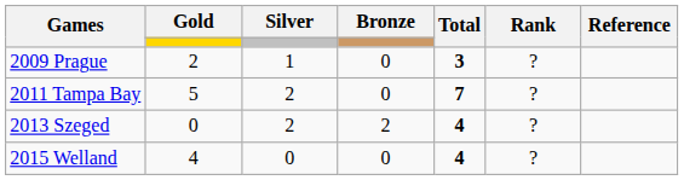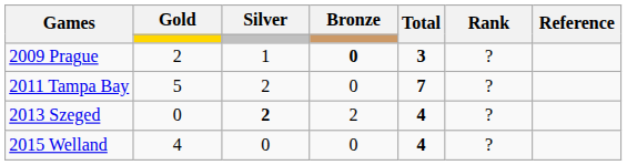 <table class="wikitable" style="text-align:center; font-size:90%;">
 <tr>
 <th rowspan=2>Games</th>
 <th style="width:4.5em;">Gold</th>
 <th style="width:4.5em;">Silver</th>
 <th style="width:4.5em;">Bronze</th>
 <th rowspan=2 !style="width:4.5em;">Total</th>
 <th rowspan=2 style="width:4.5em;">Rank</th>
 <th rowspan=2 style="width:4.5em;">Reference</th>
 </tr>
 <tr>
 <td style="background:gold;"></td>
 <td style="background:silver;"></td>
 <td style="background:#cc9966;"></td>
 </tr>
 <tr>
 <td align=left> <a href='#'>2009 Prague</a></td>
 <td>2</td>
 <td>1</td>
-<td>0</td>
+<td><strong>0</strong></td>
 <td><strong>3</strong></td>
 <td>?</td>
 <td></td>
 </tr>
 <tr>
 <td align=left> <a href='#'>2011 Tampa Bay</a></td>
 <td>5</td>
 <td>2</td>
 <td>0</td>
 <td><strong>7</strong></td>
 <td>?</td>
 <td></td>
 </tr>
 <tr>
 <td align=left> <a href='#'>2013 Szeged</a></td>
 <td>0</td>
-<td>2</td>
+<td><strong>2</strong></td>
 <td>2</td>
 <td><strong>4</strong></td>
 <td>?</td>
 <td></td>
 </tr>
 <tr>
 <td align=left> <a href='#'>2015 Welland</a></td>
 <td>4</td>
 <td>0</td>
 <td>0</td>
 <td><strong>4</strong></td>
 <td>?</td>
 <td></td>
 </tr>
 </table>
